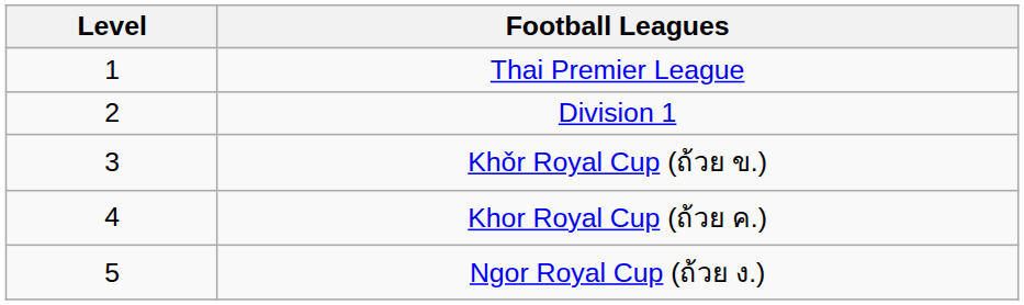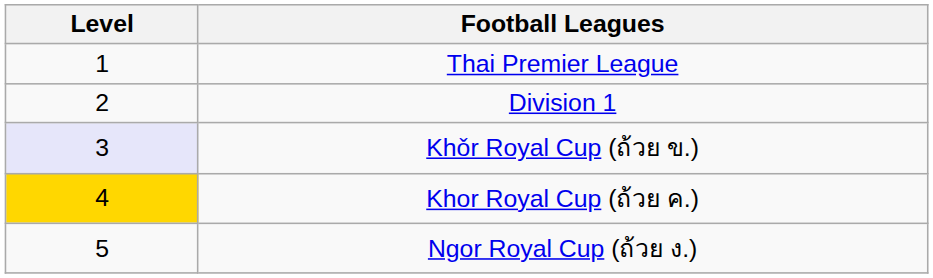 <table class="wikitable" style="text-align: center;margin: 1em auto;" width=30%>
 <tr>
 <th>Level</th>
 <th colspan=6>Football Leagues</th>
 </tr>
 <tr>
 <td>1</td>
 <td><a href='#'>Thai Premier League</a></td>
 </tr>
 <tr>
 <td>2</td>
 <td><a href='#'>Division 1</a></td>
 </tr>
 <tr>
-<td>3</td>
+<td style="background: lavender;">3</td>
 <td><a href='#'>Khǒr Royal Cup</a> (ถ้วย ข.)</td>
 </tr>
 <tr>
-<td>4</td>
+<td style="background: gold;">4</td>
 <td><a href='#'>Khor Royal Cup</a> (ถ้วย ค.)</td>
 </tr>
 <tr>
 <td>5</td>
 <td><a href='#'>Ngor Royal Cup</a> (ถ้วย ง.)</td>
 </tr>
 </table>
